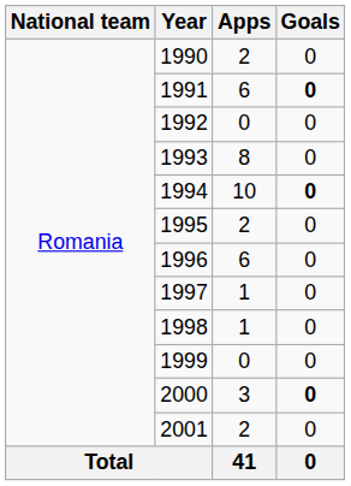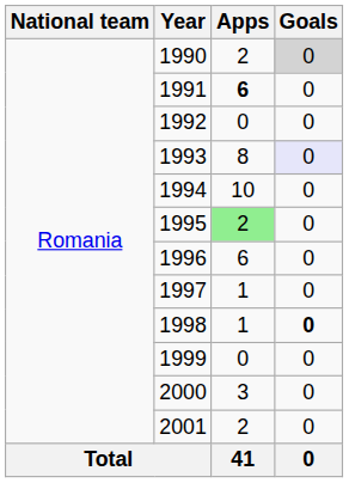 <table class="wikitable" style="text-align:center">
 <tr>
 <th>National team</th>
 <th>Year</th>
 <th>Apps</th>
 <th>Goals</th>
 </tr>
 <tr>
 <td rowspan="12"><a href='#'>Romania</a></td>
 <td>1990</td>
 <td>2</td>
-<td>0</td>
+<td style="background: lightgrey;">0</td>
 </tr>
 <tr>
 <td>1991</td>
-<td>6</td>
-<td><strong>0</strong></td>
+<td><strong>6</strong></td>
+<td>0</td>
 </tr>
 <tr>
 <td>1992</td>
 <td>0</td>
 <td>0</td>
 </tr>
 <tr>
 <td>1993</td>
 <td>8</td>
-<td>0</td>
+<td style="background: lavender;">0</td>
 </tr>
 <tr>
 <td>1994</td>
 <td>10</td>
-<td><strong>0</strong></td>
+<td>0</td>
 </tr>
 <tr>
 <td>1995</td>
-<td>2</td>
+<td style="background: lightgreen;">2</td>
 <td>0</td>
 </tr>
 <tr>
 <td>1996</td>
 <td>6</td>
 <td>0</td>
 </tr>
 <tr>
 <td>1997</td>
 <td>1</td>
 <td>0</td>
 </tr>
 <tr>
 <td>1998</td>
 <td>1</td>
-<td>0</td>
+<td><strong>0</strong></td>
 </tr>
 <tr>
 <td>1999</td>
 <td>0</td>
 <td>0</td>
 </tr>
 <tr>
 <td>2000</td>
 <td>3</td>
-<td><strong>0</strong></td>
+<td>0</td>
 </tr>
 <tr>
 <td>2001</td>
 <td>2</td>
 <td>0</td>
 </tr>
 <tr>
 <th colspan="2">Total</th>
 <th>41</th>
 <th>0</th>
 </tr>
 </table>
